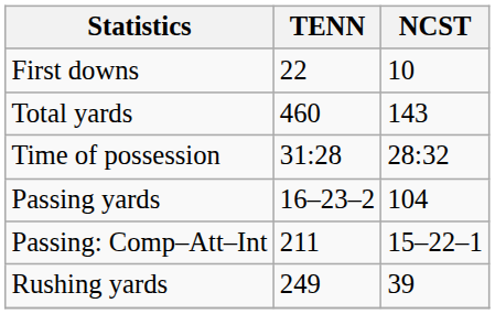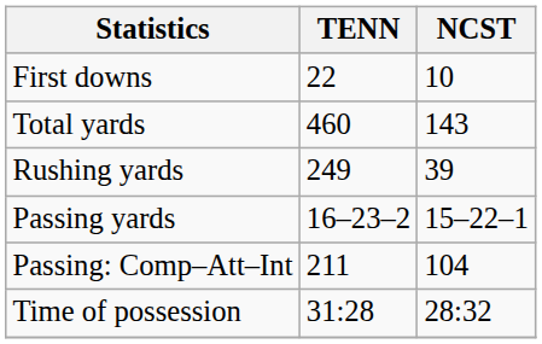 <table class="wikitable" style="float: left;">
 <tr>
 <th>Statistics</th>
 <th>TENN</th>
 <th>NCST</th>
 </tr>
 <tr>
 <td>First downs</td>
 <td>22</td>
 <td>10</td>
 </tr>
 <tr>
 <td>Total yards</td>
 <td>460</td>
 <td>143</td>
 </tr>
 <tr>
+<td>Rushing yards</td>
+<td>249</td>
+<td>39</td>
+</tr>
+<tr>
+<td>Passing yards</td>
+<td>16–23–2</td>
+<td>15–22–1</td>
+</tr>
+<tr>
+<td>Passing: Comp–Att–Int</td>
+<td>211</td>
+<td>104</td>
+</tr>
+<tr>
 <td>Time of possession</td>
 <td>31:28</td>
 <td>28:32</td>
 </tr>
 <tr>
-<td>Passing yards</td>
-<td>16–23–2</td>
-<td>104</td>
-</tr>
-<tr>
-<td>Passing: Comp–Att–Int</td>
-<td>211</td>
-<td>15–22–1</td>
-</tr>
-<tr>
-<td>Rushing yards</td>
-<td>249</td>
-<td>39</td>
-</tr>
-<tr>
 </tr>
 </table>
